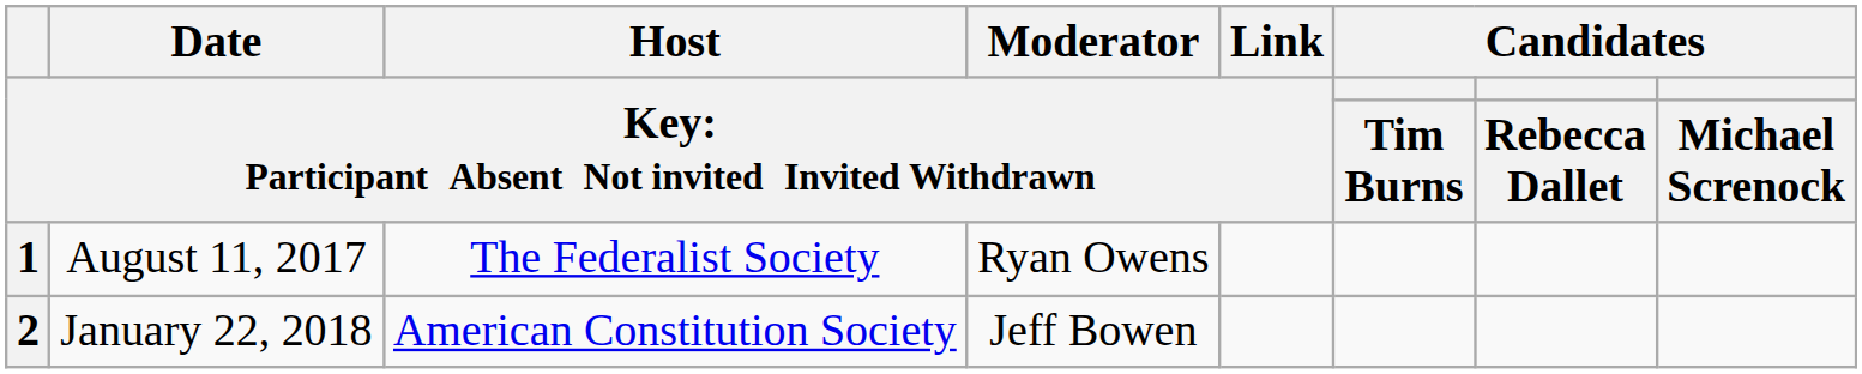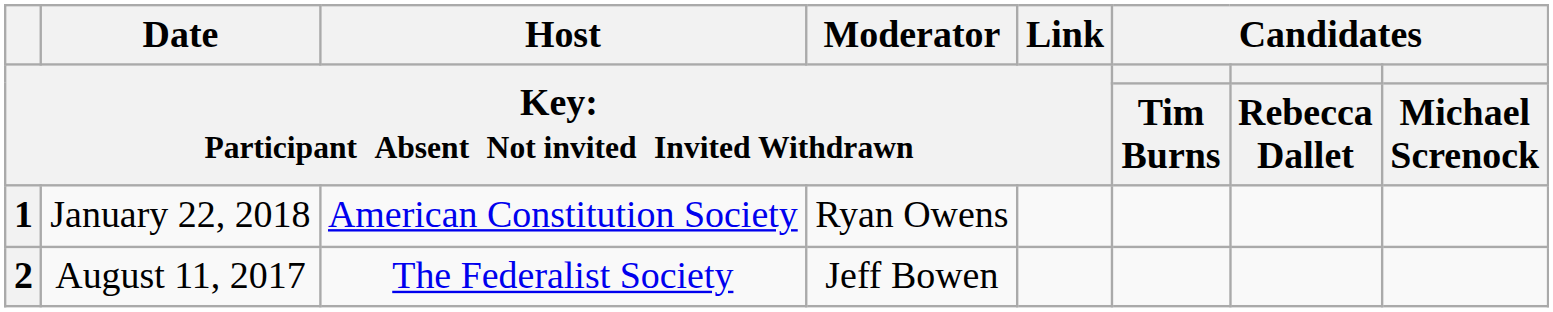 <table class="wikitable" style="text-align:center;">
 <tr>
 <th scope="col"></th>
 <th scope="col">Date</th>
 <th scope="col">Host</th>
 <th scope="col">Moderator</th>
 <th scope="col">Link</th>
 <th scope="col" colspan="3">Candidates</th>
 </tr>
 <tr>
 <th colspan="5" rowspan="2">Key:<br> <small>Participant </small>  <small>Absent </small>  <small>Not invited </small>  <small>Invited  Withdrawn</small></th>
 <th scope="col" style="background:"></th>
 <th scope="col" style="background:"></th>
 <th scope="col" style="background:"></th>
 </tr>
 <tr>
 <th scope="col">Tim Burns</th>
 <th scope="col">Rebecca Dallet</th>
 <th scope="col">Michael Screnock</th>
 </tr>
 <tr>
 <th>1</th>
-<td style="white-space:nowrap;">August 11, 2017</td>
-<td style="white-space:nowrap;"><a href='#'>The Federalist Society</a></td>
+<td style="white-space:nowrap;">January 22, 2018</td>
+<td style="white-space:nowrap;"><a href='#'>American Constitution Society</a></td>
 <td style="white-space:nowrap;">Ryan Owens</td>
 <td style="white-space:nowrap;"></td>
 <td></td>
 <td></td>
 <td></td>
 </tr>
 <tr>
 <th>2</th>
-<td style="white-space:nowrap;">January 22, 2018</td>
-<td style="white-space:nowrap;"><a href='#'>American Constitution Society</a></td>
+<td style="white-space:nowrap;">August 11, 2017</td>
+<td style="white-space:nowrap;"><a href='#'>The Federalist Society</a></td>
 <td style="white-space:nowrap;">Jeff Bowen</td>
 <td style="white-space:nowrap;"></td>
 <td></td>
 <td></td>
 <td></td>
 </tr>
 </table>
